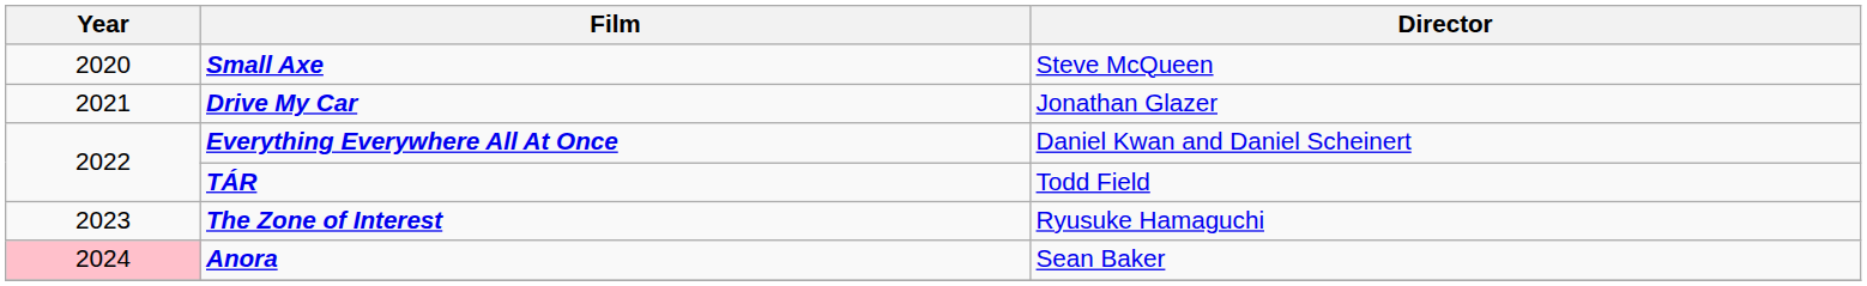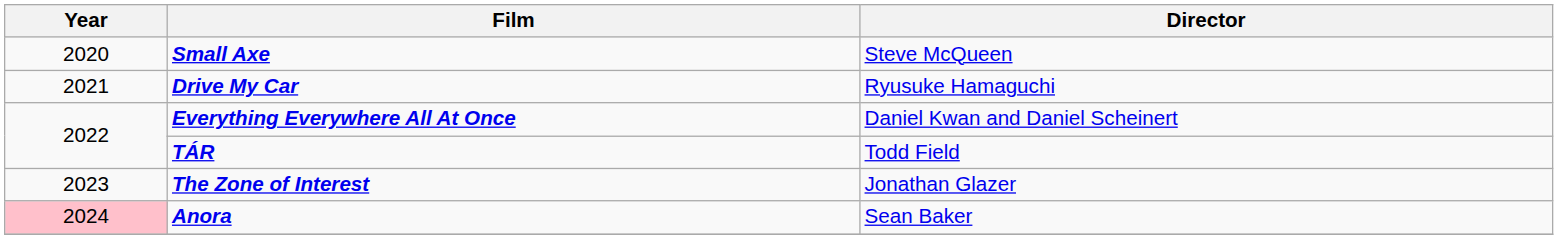 <table class="wikitable" style="width:95%;" cellpadding="5">
 <tr>
 <th style="width:100px;"><strong>Year</strong></th>
 <th style="width:450px;"><strong>Film</strong></th>
 <th style="width:450px;"><strong>Director</strong></th>
 </tr>
 <tr>
 <td style="text-align:center;">2020</td>
 <td><strong><em><a href='#'>Small Axe</a></em></strong></td>
 <td><a href='#'>Steve McQueen</a></td>
 </tr>
 <tr>
 <td style="text-align:center;">2021</td>
 <td><strong><em><a href='#'>Drive My Car</a></em></strong></td>
-<td><a href='#'>Jonathan Glazer</a></td>
+<td><a href='#'>Ryusuke Hamaguchi</a></td>
 </tr>
 <tr>
 <td rowspan="2" style="text-align:center;">2022</td>
 <td><strong><em><a href='#'>Everything Everywhere All At Once</a></em></strong></td>
 <td><a href='#'>Daniel Kwan and Daniel Scheinert</a></td>
 </tr>
 <tr>
 <td><strong><em><a href='#'>TÁR</a></em></strong></td>
 <td><a href='#'>Todd Field</a></td>
 </tr>
 <tr>
 <td style="text-align:center;">2023</td>
 <td><strong><em><a href='#'>The Zone of Interest</a></em></strong></td>
-<td><a href='#'>Ryusuke Hamaguchi</a></td>
+<td><a href='#'>Jonathan Glazer</a></td>
 </tr>
 <tr>
 <td style="background: pink; text-align:center;">2024</td>
 <td><strong><em><a href='#'>Anora</a></em></strong></td>
 <td><a href='#'>Sean Baker</a></td>
 </tr>
 <tr>
 </tr>
 </table>
